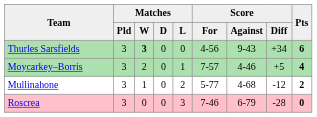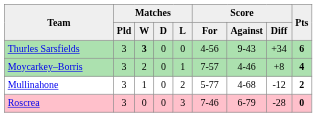 <table style=border-collapse:collapse border=1 cellspacing=0 cellpadding=5>
 <tr align=center bgcolor=#efefef>
 <th rowspan=2 width=165>Team</th>
 <th colspan=4>Matches</th>
 <th colspan=3>Score</th>
 <th rowspan=2width=20>Pts</th>
 </tr>
 <tr align=center bgcolor=#efefef>
 <th width=20>Pld</th>
 <th width=20>W</th>
 <th width=20>D</th>
 <th width=20>L</th>
 <th width=45>For</th>
 <th width=45>Against</th>
 <th width=30>Diff</th>
 </tr>
 <tr align=center style="background:#ACE1AF;">
 <td style="text-align:left;"> <a href='#'>Thurles Sarsfields</a></td>
 <td>3</td>
 <td><strong>3</strong></td>
 <td>0</td>
 <td>0</td>
 <td>4-56</td>
 <td>9-43</td>
 <td>+34</td>
 <td><strong>6</strong></td>
 </tr>
 <tr align=center style="background:#ACE1AF;">
 <td style="text-align:left;"> <a href='#'>Moycarkey–Borris</a></td>
 <td>3</td>
 <td>2</td>
 <td>0</td>
 <td>1</td>
 <td>7-57</td>
 <td>4-46</td>
-<td>+5</td>
+<td>+8</td>
 <td><strong>4</strong></td>
 </tr>
 <tr align=center>
 <td style="text-align:left;"> <a href='#'>Mullinahone</a></td>
 <td>3</td>
 <td>1</td>
 <td>0</td>
 <td>2</td>
 <td>5-77</td>
 <td>4-68</td>
 <td>-12</td>
 <td><strong>2</strong></td>
 </tr>
 <tr align=center style="background:#FFC0CB;">
 <td style="text-align:left;"> <a href='#'>Roscrea</a></td>
 <td>3</td>
 <td>0</td>
 <td>0</td>
 <td>3</td>
 <td>7-46</td>
 <td>6-79</td>
 <td>-28</td>
 <td><strong>0</strong></td>
 </tr>
 </table>
